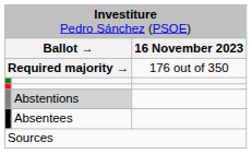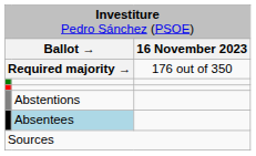 <table class="wikitable" style="text-align:center;">
 <tr>
 <td colspan="4" align="center" bgcolor="#C0C0C0"><strong>Investiture</strong><br><a href='#'>Pedro Sánchez</a> (<a href='#'>PSOE</a>)</td>
 </tr>
 <tr>
 <th colspan="2" style="width:150px;">Ballot →</th>
 <th>16 November 2023</th>
 </tr>
 <tr>
 <th colspan="2">Required majority →</th>
 <td>176 out of 350 </td>
 </tr>
 <tr>
 <th style="width:1px; background:green;"></th>
 <td style="text-align:left;"></td>
 <td></td>
 </tr>
 <tr>
 <th style="background:red;"></th>
 <td style="text-align:left;"></td>
 <td></td>
 </tr>
 <tr>
 <th style="background:gray;"></th>
-<td style="background: lightgrey; text-align:left;"><span>Abstentions</span></td>
+<td style="text-align:left;"><span>Abstentions</span></td>
 <td></td>
 </tr>
 <tr>
 <th style="background:black;"></th>
-<td style="text-align:left;"><span>Absentees</span></td>
+<td style="background: lightblue; text-align:left;"><span>Absentees</span></td>
 <td></td>
 </tr>
 <tr>
 <td style="text-align:left;" colspan="4">Sources</td>
 </tr>
 </table>
